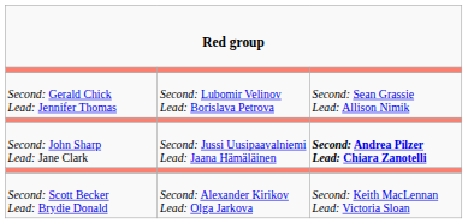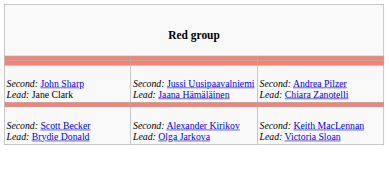 <table class="wikitable">
 <tr>
 <td align=center colspan="3"><br><h3>Red group</h3></td>
 </tr>
 <tr>
 <th style="background: #FA8072;" width="200"></th>
 <th style="background: #FA8072;" width="200"></th>
 <th style="background: #FA8072;" width="200"></th>
 </tr>
 <tr>
-<td><br><em>Second:</em> <a href='#'>Gerald Chick</a><br> <em>Lead:</em> <a href='#'>Jennifer Thomas</a></td>
-<td><br><em>Second:</em> <a href='#'>Lubomir Velinov</a><br> <em>Lead:</em> <a href='#'>Borislava Petrova</a></td>
-<td><br><em>Second:</em> <a href='#'>Sean Grassie</a><br> <em>Lead:</em> <a href='#'>Allison Nimik</a></td>
-</tr>
-<tr>
 <th style="background: #FA8072;" width="200"></th>
 <th style="background: #FA8072;" width="200"></th>
 <th style="background: #FA8072;" width="200"></th>
 </tr>
 <tr>
 <td><br><em>Second:</em> <a href='#'>John Sharp</a><br> <em>Lead:</em> Jane Clark</td>
 <td><br><em>Second:</em> <a href='#'>Jussi Uusipaavalniemi</a><br> <em>Lead:</em> <a href='#'>Jaana Hämäläinen</a></td>
-<td><strong><br><em>Second:</em> <a href='#'>Andrea Pilzer</a><br> <em>Lead:</em> <a href='#'>Chiara Zanotelli</a></strong></td>
+<td><br><em>Second:</em> <a href='#'>Andrea Pilzer</a><br> <em>Lead:</em> <a href='#'>Chiara Zanotelli</a></td>
 </tr>
 <tr>
 <th style="background: #FA8072;" width="200"></th>
 <th style="background: #FA8072;" width="200"></th>
 <th style="background: #FA8072;" width="200"></th>
 </tr>
 <tr>
 <td><br><em>Second:</em> <a href='#'>Scott Becker</a><br> <em>Lead:</em> <a href='#'>Brydie Donald</a></td>
 <td><br><em>Second:</em> <a href='#'>Alexander Kirikov</a><br> <em>Lead:</em> <a href='#'>Olga Jarkova</a></td>
 <td><br><em>Second:</em> <a href='#'>Keith MacLennan</a><br> <em>Lead:</em> <a href='#'>Victoria Sloan</a></td>
 </tr>
 </table>
